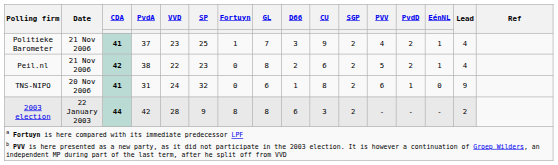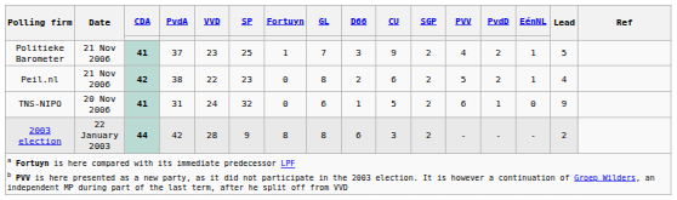 <table class="wikitable sortable" style="text-align:center;font-size:90%;line-height:14px;">
 <tr style="height:40px;">
 <th style="width:85px;" rowspan="2">Polling firm</th>
 <th style="width:60px;" rowspan="2">Date</th>
 <th class="unsortable" style="width:40px;"><a href='#'>CDA</a></th>
 <th class="unsortable" style="width:40px;"><a href='#'>PvdA</a></th>
 <th class="unsortable" style="width:40px;"><a href='#'>VVD</a></th>
 <th class="unsortable" style="width:40px;"><a href='#'>SP</a></th>
 <th class="unsortable" style="width:40px;"><a href='#'>Fortuyn</a></th>
 <th class="unsortable" style="width:40px;"><a href='#'>GL</a></th>
 <th class="unsortable" style="width:40px;"><a href='#'>D66</a></th>
 <th class="unsortable" style="width:40px;"><a href='#'>CU</a></th>
 <th class="unsortable" style="width:40px;"><a href='#'>SGP</a></th>
 <th class="unsortable" style="width:40px;"><a href='#'>PVV</a></th>
 <th class="unsortable" style="width:40px;"><a href='#'>PvdD</a></th>
 <th class="unsortable" style="width:40px;"><a href='#'>EénNL</a></th>
 <th style="width:30px;" rowspan="2">Lead</th>
 <th rowspan="2">Ref</th>
 </tr>
 <tr>
 <th style="background:"></th>
 <th style="background:"></th>
 <th style="background:"></th>
 <th style="background:"></th>
 <th style="background:"></th>
 <th style="background:"></th>
 <th style="background:"></th>
 <th style="background:"></th>
 <th style="background:"></th>
 <th style="background:"></th>
 <th style="background:"></th>
 <th style="background:"></th>
 </tr>
 <tr>
 <td>Politieke Barometer</td>
 <td>21 Nov 2006</td>
 <td style="background:#BADBD3;"><strong>41</strong></td>
 <td>37</td>
 <td>23</td>
 <td>25</td>
 <td>1</td>
 <td>7</td>
 <td>3</td>
 <td>9</td>
 <td>2</td>
 <td>4</td>
 <td>2</td>
 <td>1</td>
-<td style="background:">4</td>
+<td style="background:">5</td>
 <td></td>
 </tr>
 <tr>
 <td>Peil.nl</td>
 <td>21 Nov 2006</td>
 <td style="background:#BADBD3;"><strong>42</strong></td>
 <td>38</td>
 <td>22</td>
 <td>23</td>
 <td>0</td>
 <td>8</td>
 <td>2</td>
 <td>6</td>
 <td>2</td>
 <td>5</td>
 <td>2</td>
 <td>1</td>
 <td style="background:">4</td>
 <td></td>
 </tr>
 <tr>
 <td>TNS-NIPO</td>
 <td>20 Nov 2006</td>
 <td style="background:#BADBD3;"><strong>41</strong></td>
 <td>31</td>
 <td>24</td>
 <td>32</td>
 <td>0</td>
 <td>6</td>
 <td>1</td>
-<td>8</td>
+<td>5</td>
 <td>2</td>
 <td>6</td>
 <td>1</td>
 <td>0</td>
 <td style="background:">9</td>
 <td></td>
 </tr>
 <tr style="background:#E9E9E9">
 <td><a href='#'>2003 election</a></td>
 <td>22 January 2003</td>
 <td style="background:#BADBD3;"><strong>44</strong></td>
 <td>42</td>
 <td>28</td>
 <td>9</td>
 <td>8</td>
 <td>8</td>
 <td>6</td>
 <td>3</td>
 <td>2</td>
 <td>-</td>
 <td>-</td>
 <td>-</td>
 <td style="background:">2</td>
 </tr>
 <tr>
 <td colspan=16 style="text-align:left; font-size:88%"><sup>a</sup> <strong>Fortuyn</strong> is here compared with its immediate predecessor <a href='#'>LPF</a><br><sup>b</sup> <strong>PVV</strong> is here presented as a new party, as it did not participate in the 2003 election. It is however a continuation of <a href='#'>Groep Wilders</a>, an independent MP during part of the last term, after he split off from VVD</td>
 </tr>
 </table>
